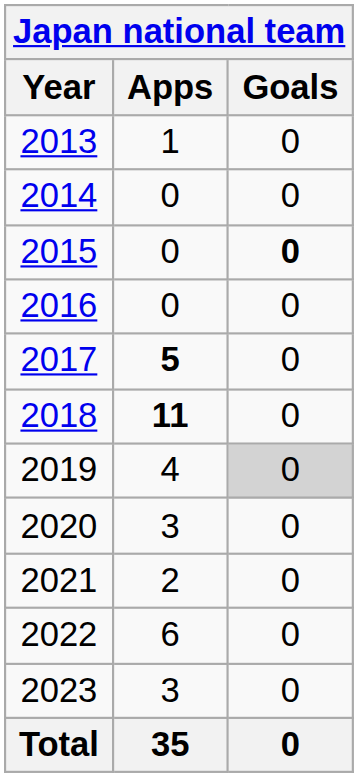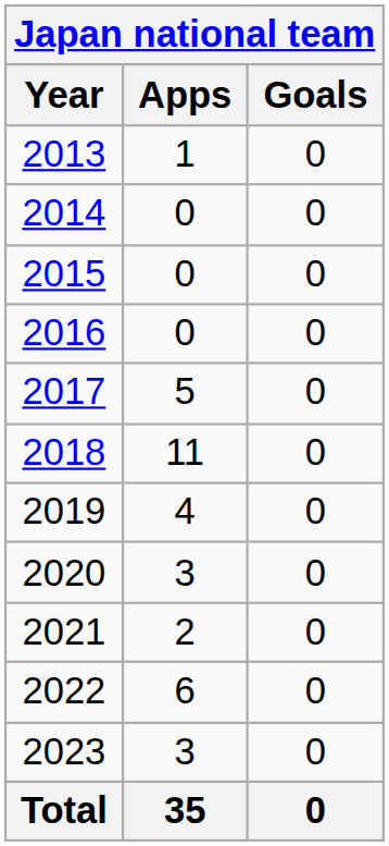 <table class="wikitable" style="text-align:center">
 <tr>
 <th colspan=3><a href='#'>Japan national team</a></th>
 </tr>
 <tr>
 <th>Year</th>
 <th>Apps</th>
 <th>Goals</th>
 </tr>
 <tr>
 <td><a href='#'>2013</a></td>
 <td>1</td>
 <td>0</td>
 </tr>
 <tr>
 <td><a href='#'>2014</a></td>
 <td>0</td>
 <td>0</td>
 </tr>
 <tr>
 <td><a href='#'>2015</a></td>
 <td>0</td>
-<td><strong>0</strong></td>
+<td>0</td>
 </tr>
 <tr>
 <td><a href='#'>2016</a></td>
 <td>0</td>
 <td>0</td>
 </tr>
 <tr>
 <td><a href='#'>2017</a></td>
-<td><strong>5</strong></td>
+<td>5</td>
 <td>0</td>
 </tr>
 <tr>
 <td><a href='#'>2018</a></td>
-<td><strong>11</strong></td>
+<td>11</td>
 <td>0</td>
 </tr>
 <tr>
 <td>2019</td>
 <td>4</td>
-<td style="background: lightgrey;">0</td>
+<td>0</td>
 </tr>
 <tr>
 <td>2020</td>
 <td>3</td>
 <td>0</td>
 </tr>
 <tr>
 <td>2021</td>
 <td>2</td>
 <td>0</td>
 </tr>
 <tr>
 <td>2022</td>
 <td>6</td>
 <td>0</td>
 </tr>
 <tr>
 <td>2023</td>
 <td>3</td>
 <td>0</td>
 </tr>
 <tr>
 <th>Total</th>
 <th>35</th>
 <th>0</th>
 </tr>
 </table>
